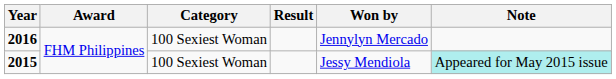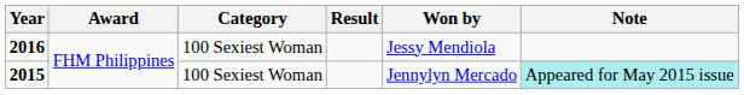 <table class="wikitable">
 <tr>
 <th>Year</th>
 <th>Award</th>
 <th>Category</th>
 <th>Result</th>
 <th>Won by</th>
 <th>Note</th>
 </tr>
 <tr>
 <td><strong>2016</strong></td>
 <td rowspan="2"><a href='#'>FHM Philippines</a></td>
 <td>100 Sexiest Woman</td>
 <td></td>
-<td><a href='#'>Jennylyn Mercado</a></td>
+<td><a href='#'>Jessy Mendiola</a></td>
 </tr>
 <tr>
 <td><strong>2015</strong></td>
 <td>100 Sexiest Woman</td>
 <td></td>
-<td><a href='#'>Jessy Mendiola</a></td>
+<td><a href='#'>Jennylyn Mercado</a></td>
 <td style="background: paleturquoise;">Appeared for May 2015 issue</td>
 </tr>
 </table>
